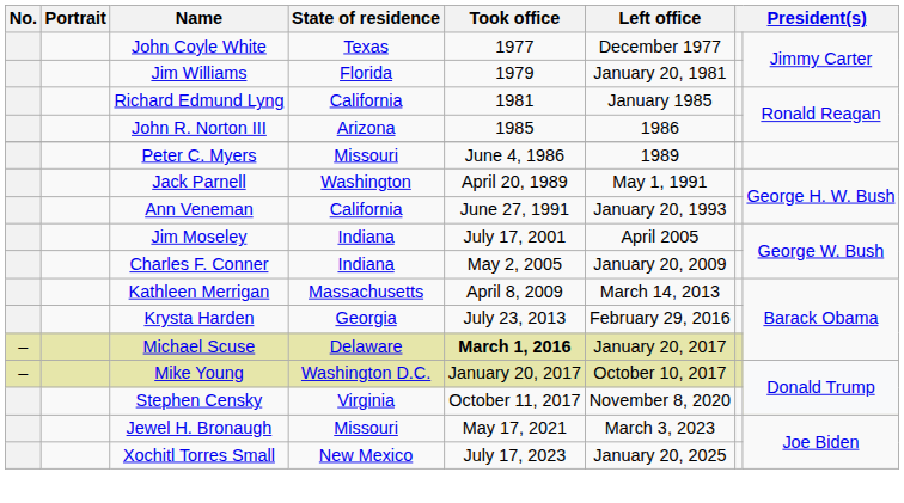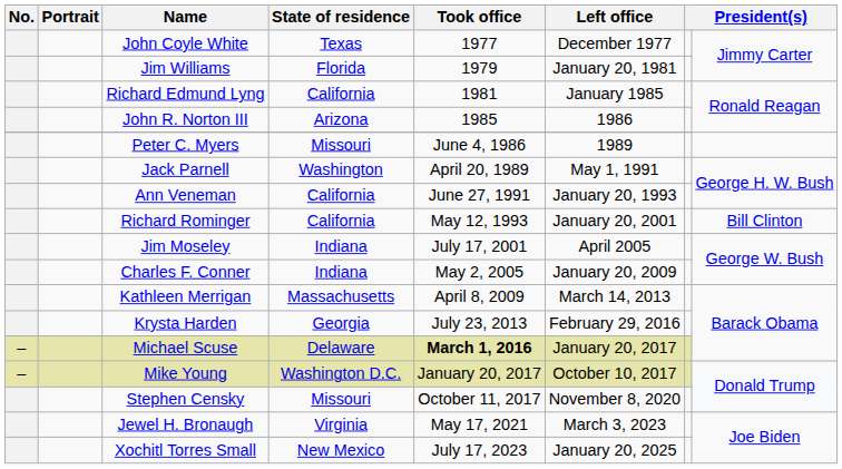 <table class="wikitable" style="clear:right; text-align:center">
 <tr>
 <th>No.</th>
 <th>Portrait</th>
 <th>Name</th>
 <th>State of residence</th>
 <th>Took office</th>
 <th>Left office</th>
 <th colspan=2><a href='#'>President(s)</a></th>
 </tr>
 <tr>
 <th style="background: "></th>
 <td></td>
 <td><a href='#'>John Coyle White</a></td>
 <td><a href='#'>Texas</a></td>
 <td>1977</td>
 <td>December 1977</td>
 <td style="background: "></td>
 <td rowspan=2><a href='#'>Jimmy Carter</a></td>
 </tr>
 <tr>
 <th style="background: "></th>
 <td></td>
 <td><a href='#'>Jim Williams</a></td>
 <td><a href='#'>Florida</a></td>
 <td>1979</td>
 <td>January 20, 1981</td>
 <td style="background: "></td>
 </tr>
 <tr>
 <th style="background: "></th>
 <td></td>
 <td><a href='#'>Richard Edmund Lyng</a></td>
 <td><a href='#'>California</a></td>
 <td>1981</td>
 <td>January 1985</td>
 <td style="background: "></td>
 <td rowspan=3><a href='#'>Ronald Reagan</a></td>
 </tr>
 <tr>
 <th style="background: "></th>
 <td></td>
 <td><a href='#'>John R. Norton III</a></td>
 <td><a href='#'>Arizona</a></td>
 <td>1985</td>
 <td>1986</td>
 <td style="background: "></td>
 </tr>
 <tr>
 </tr>
 <tr>
 <th style="background: "></th>
 <td></td>
 <td><a href='#'>Peter C. Myers</a></td>
 <td><a href='#'>Missouri</a></td>
 <td>June 4, 1986</td>
 <td>1989</td>
 <td style="background: "></td>
 </tr>
 <tr>
 <th style="background: "></th>
 <td></td>
 <td><a href='#'>Jack Parnell</a></td>
 <td><a href='#'>Washington</a></td>
 <td>April 20, 1989</td>
 <td>May 1, 1991</td>
 <td style="background: "></td>
 <td rowspan="2"><a href='#'>George H. W. Bush</a></td>
 </tr>
 <tr>
 <th style="background: "></th>
 <td></td>
 <td><a href='#'>Ann Veneman</a></td>
 <td><a href='#'>California</a></td>
 <td>June 27, 1991</td>
 <td>January 20, 1993</td>
 <td style="background: "></td>
 </tr>
 <tr>
 <th style="background: "></th>
 <td></td>
+<td><a href='#'>Richard Rominger</a></td>
+<td><a href='#'>California</a></td>
+<td>May 12, 1993</td>
+<td>January 20, 2001</td>
+<td style="background: "></td>
+<td><a href='#'>Bill Clinton</a></td>
+</tr>
+<tr>
+<th style="background: "></th>
+<td></td>
 <td><a href='#'>Jim Moseley</a></td>
 <td><a href='#'>Indiana</a></td>
 <td>July 17, 2001</td>
 <td>April 2005</td>
 <td style="background: "></td>
 <td rowspan=2><a href='#'>George W. Bush</a></td>
 </tr>
 <tr>
 <th style="background: "></th>
 <td></td>
 <td><a href='#'>Charles F. Conner</a></td>
 <td><a href='#'>Indiana</a></td>
 <td>May 2, 2005</td>
 <td>January 20, 2009</td>
 <td style="background: "></td>
 </tr>
 <tr>
 <th style="background: "></th>
 <td></td>
 <td><a href='#'>Kathleen Merrigan</a></td>
 <td><a href='#'>Massachusetts</a></td>
 <td>April 8, 2009</td>
 <td>March 14, 2013</td>
 <td style="background: "></td>
 <td rowspan=3><a href='#'>Barack Obama</a></td>
 </tr>
 <tr>
 <th style="background: "></th>
 <td></td>
 <td><a href='#'>Krysta Harden</a></td>
 <td><a href='#'>Georgia</a></td>
 <td>July 23, 2013</td>
 <td>February 29, 2016</td>
 <td style="background: "></td>
 </tr>
 <tr bgcolor="#e6e6aa">
 <td>–</td>
 <td></td>
 <td><a href='#'>Michael Scuse</a></td>
 <td><a href='#'>Delaware</a></td>
 <td><strong>March 1, 2016</strong></td>
 <td>January 20, 2017</td>
 <td style="background: "></td>
 </tr>
 <tr bgcolor="#e6e6aa">
 <td>–</td>
 <td></td>
 <td><a href='#'>Mike Young</a></td>
 <td><a href='#'>Washington D.C.</a></td>
 <td>January 20, 2017</td>
 <td>October 10, 2017</td>
 <td style="background: "></td>
 <td style="background:#f8f9fa;" rowspan=2><a href='#'>Donald Trump</a></td>
 </tr>
 <tr>
 <th style="background: "></th>
 <td></td>
 <td><a href='#'>Stephen Censky</a></td>
-<td><a href='#'>Virginia</a></td>
+<td><a href='#'>Missouri</a></td>
 <td>October 11, 2017</td>
 <td>November 8, 2020</td>
 <td style="background: "></td>
 </tr>
 <tr>
 <th style="background: "></th>
 <td></td>
 <td><a href='#'>Jewel H. Bronaugh</a></td>
-<td><a href='#'>Missouri</a></td>
+<td><a href='#'>Virginia</a></td>
 <td>May 17, 2021</td>
 <td>March 3, 2023</td>
 <td style="background: "></td>
 <td rowspan=2><a href='#'>Joe Biden</a></td>
 </tr>
 <tr>
 <th style="background: "></th>
 <td></td>
 <td><a href='#'>Xochitl Torres Small</a></td>
 <td><a href='#'>New Mexico</a></td>
 <td>July 17, 2023</td>
 <td>January 20, 2025</td>
 <td style="background: "></td>
 </tr>
 </table>
